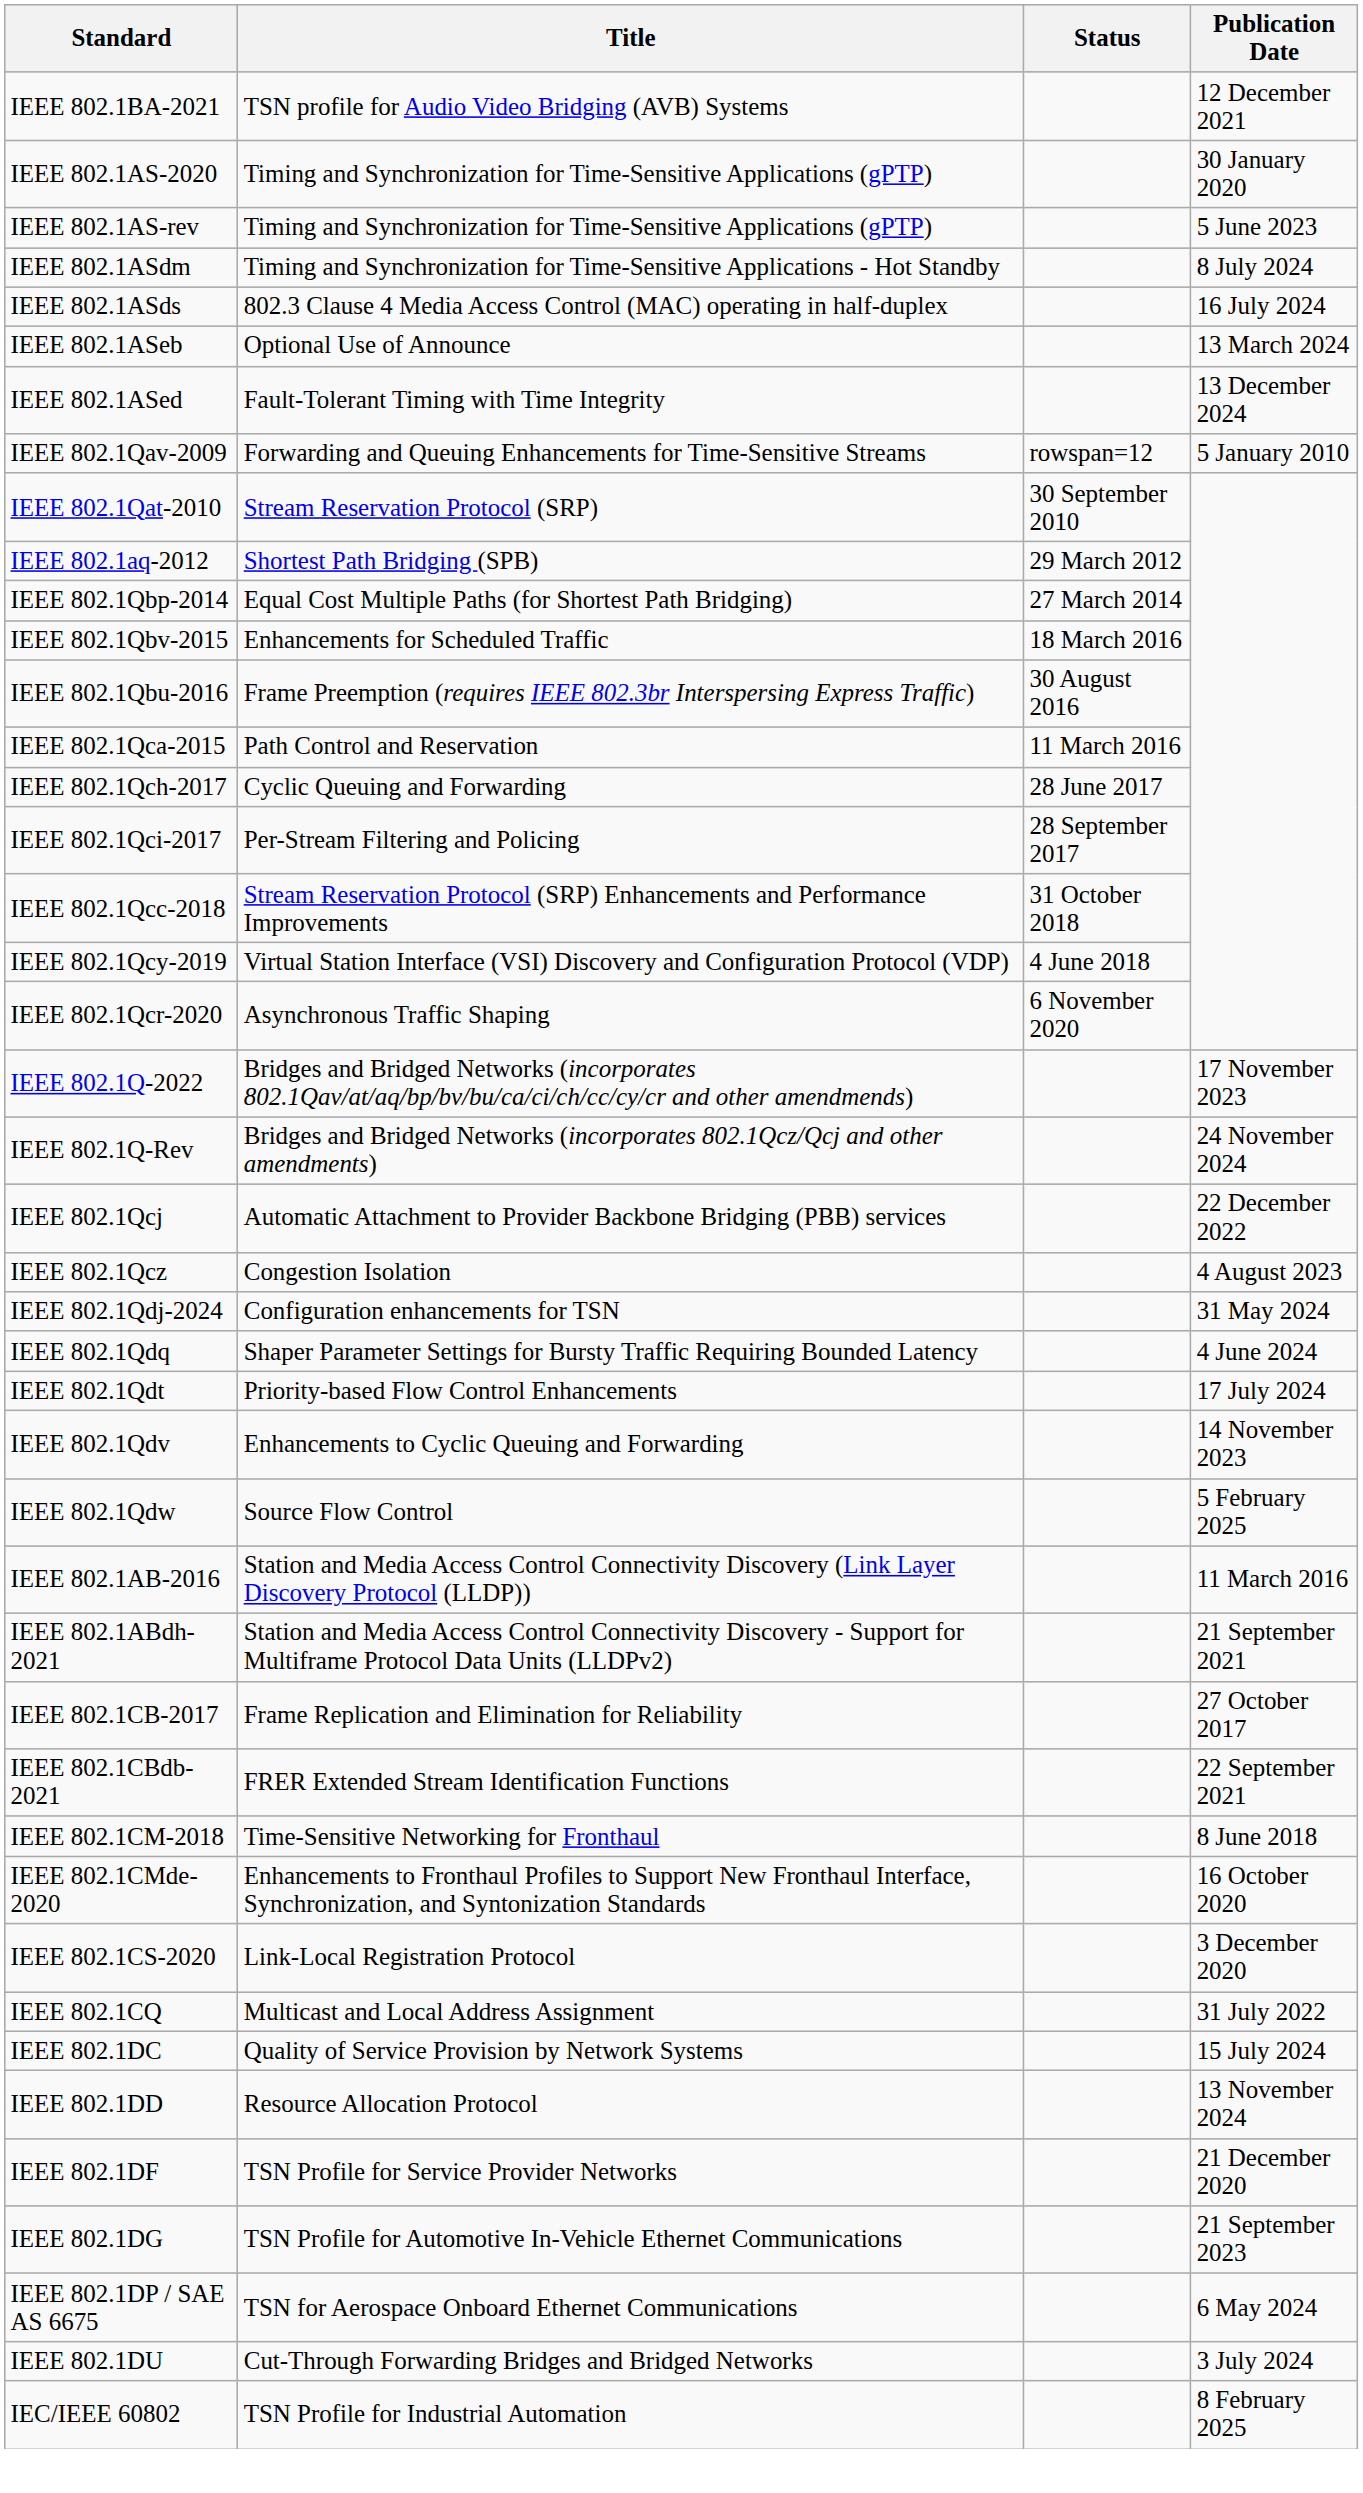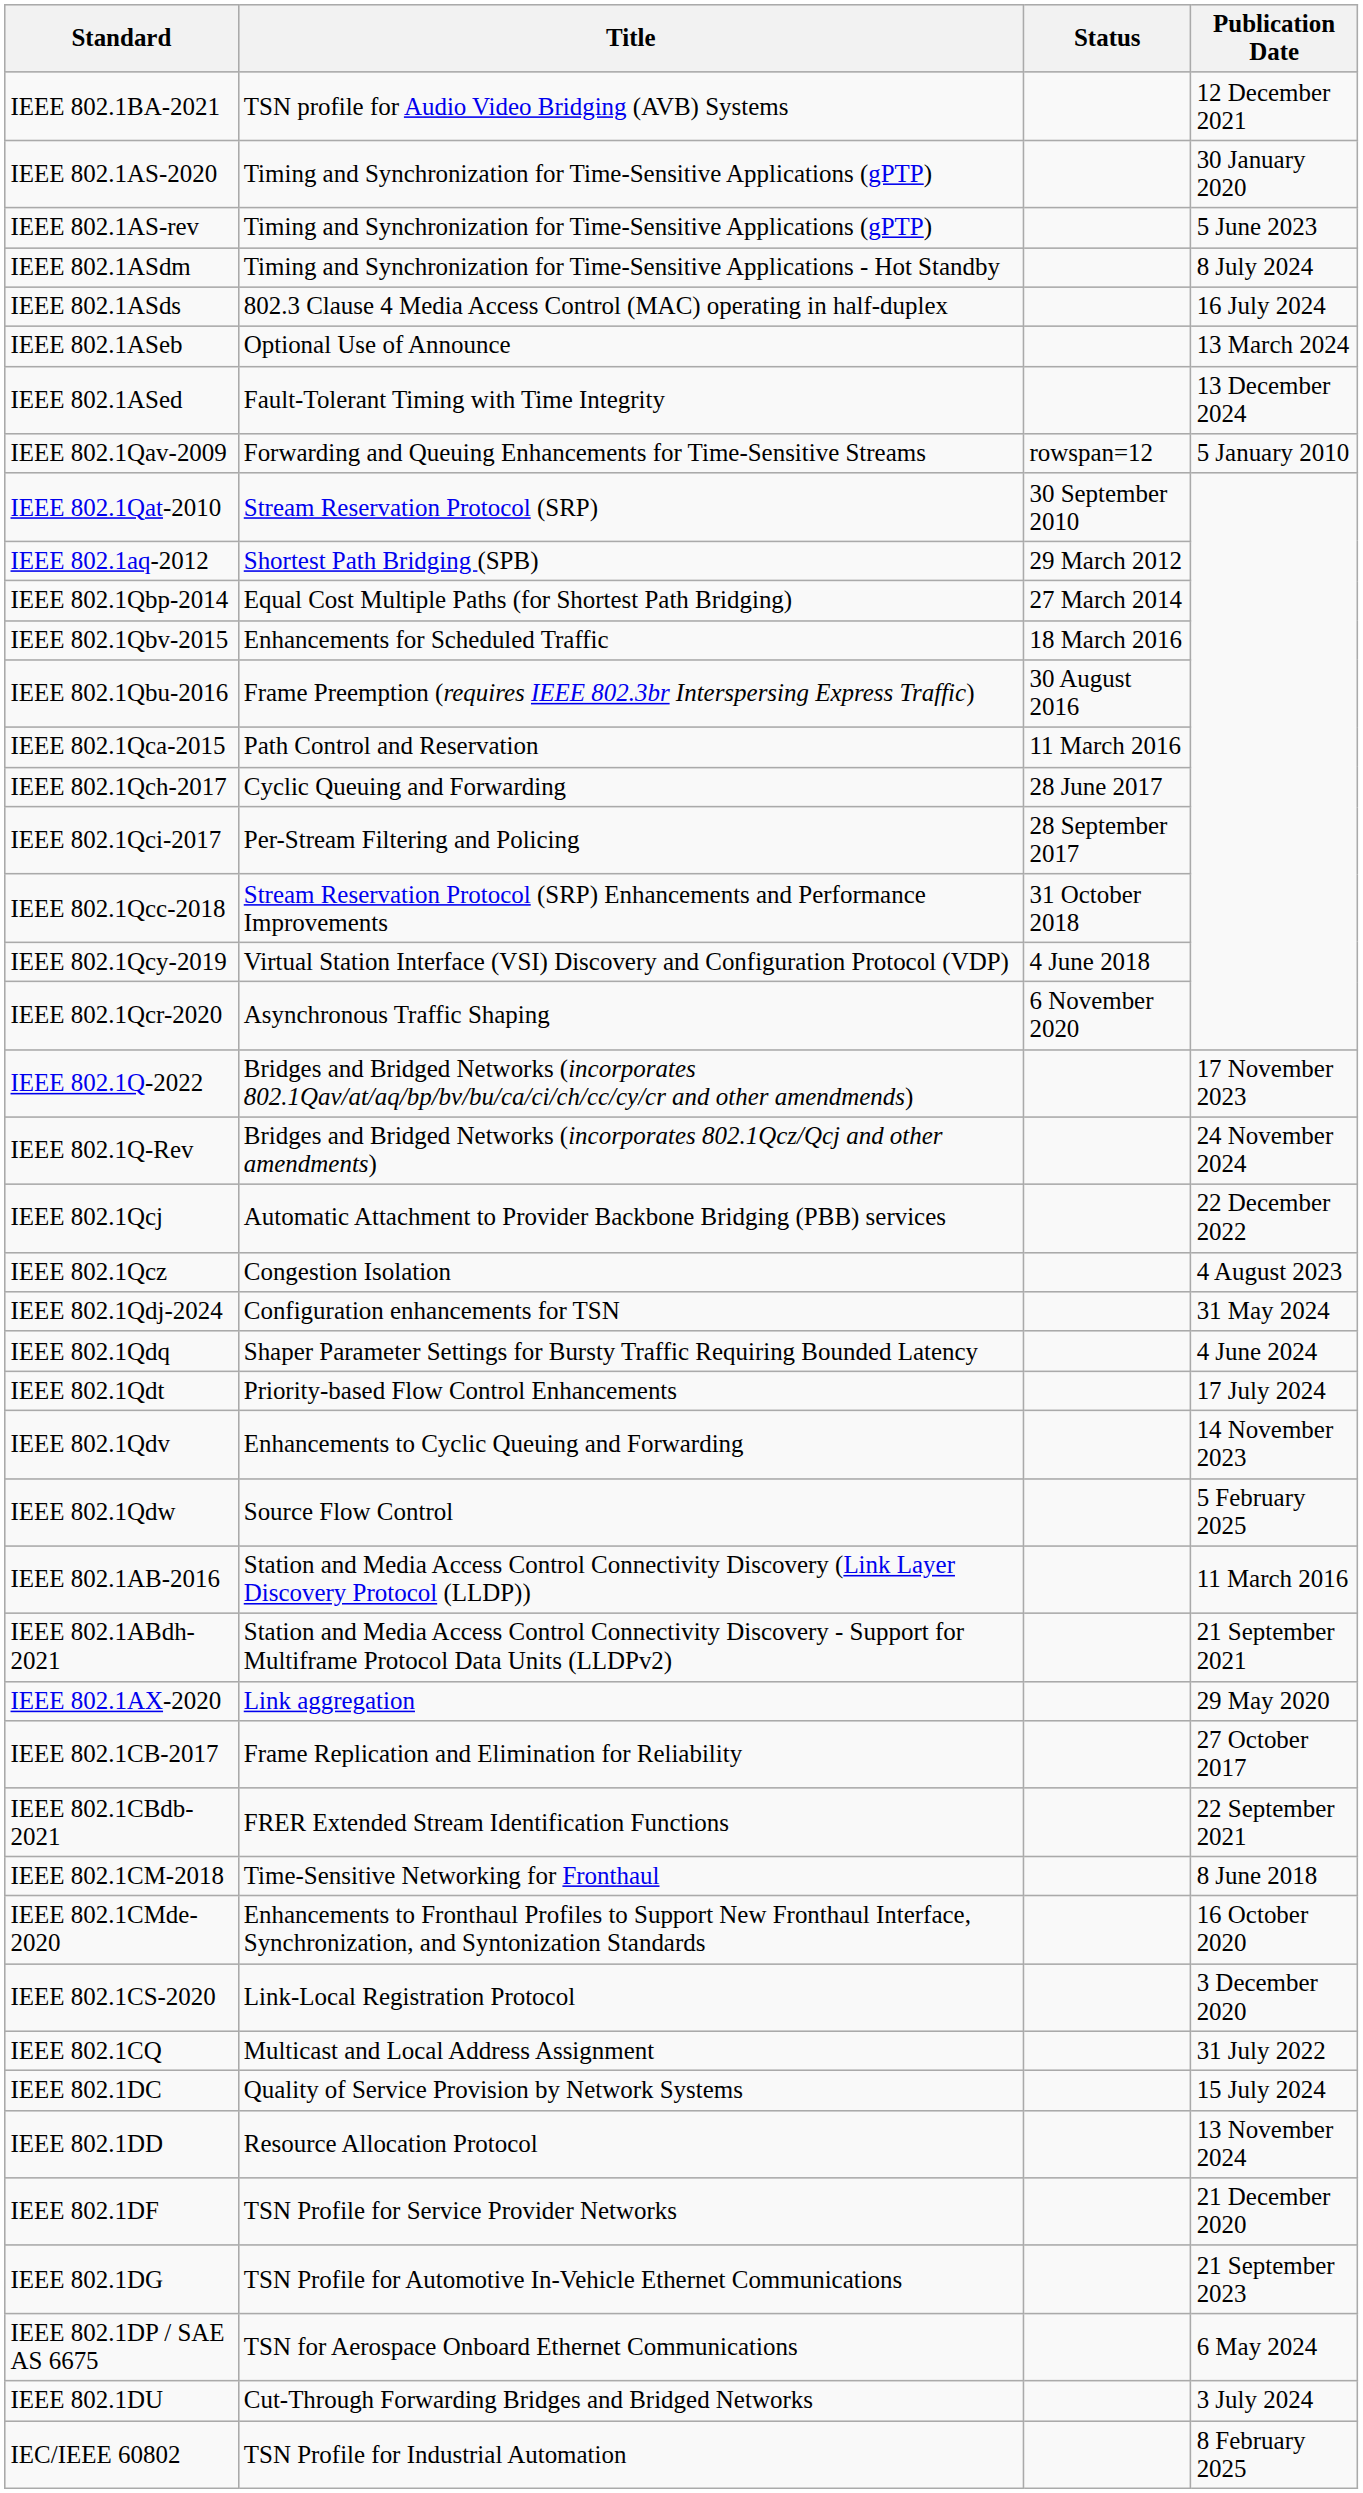 <table class="wikitable">
 <tr>
 <th>Standard</th>
 <th>Title</th>
 <th>Status</th>
 <th>Publication Date</th>
 </tr>
 <tr>
 <td>IEEE 802.1BA-2021</td>
 <td>TSN profile for <a href='#'>Audio Video Bridging</a> (AVB) Systems</td>
 <td></td>
 <td>12 December 2021</td>
 </tr>
 <tr>
 <td>IEEE 802.1AS-2020</td>
 <td>Timing and Synchronization for Time-Sensitive Applications (<a href='#'>gPTP</a>)</td>
 <td></td>
 <td>30 January 2020</td>
 </tr>
 <tr>
 <td>IEEE 802.1AS-rev</td>
 <td>Timing and Synchronization for Time-Sensitive Applications (<a href='#'>gPTP</a>)</td>
 <td></td>
 <td>5 June 2023</td>
 </tr>
 <tr>
 <td>IEEE 802.1ASdm</td>
 <td>Timing and Synchronization for Time-Sensitive Applications - Hot Standby</td>
 <td></td>
 <td>8 July 2024</td>
 </tr>
 <tr>
 <td>IEEE 802.1ASds</td>
 <td>802.3 Clause 4 Media Access Control (MAC) operating in half-duplex</td>
 <td></td>
 <td>16 July 2024</td>
 </tr>
 <tr>
 <td>IEEE 802.1ASeb</td>
 <td>Optional Use of Announce</td>
 <td></td>
 <td>13 March 2024</td>
 </tr>
 <tr>
 <td>IEEE 802.1ASed</td>
 <td>Fault-Tolerant Timing with Time Integrity</td>
 <td></td>
 <td>13 December 2024</td>
 </tr>
 <tr>
 <td>IEEE 802.1Qav-2009</td>
 <td>Forwarding and Queuing Enhancements for Time-Sensitive Streams</td>
 <td>rowspan=12 </td>
 <td>5 January 2010</td>
 </tr>
 <tr>
 <td><a href='#'>IEEE 802.1Qat</a>-2010</td>
 <td><a href='#'>Stream Reservation Protocol</a> (SRP)</td>
 <td>30 September 2010</td>
 </tr>
 <tr>
 <td><a href='#'>IEEE 802.1aq</a>-2012</td>
 <td><a href='#'>Shortest Path Bridging </a>(SPB)</td>
 <td>29 March 2012</td>
 </tr>
 <tr>
 <td>IEEE 802.1Qbp-2014</td>
 <td>Equal Cost Multiple Paths (for Shortest Path Bridging)</td>
 <td>27 March 2014</td>
 </tr>
 <tr>
 <td>IEEE 802.1Qbv-2015</td>
 <td>Enhancements for Scheduled Traffic</td>
 <td>18 March 2016</td>
 </tr>
 <tr>
 <td>IEEE 802.1Qbu-2016</td>
 <td>Frame Preemption (<em>requires <a href='#'>IEEE 802.3br</a> Interspersing Express Traffic</em>)</td>
 <td>30 August 2016</td>
 </tr>
 <tr>
 <td>IEEE 802.1Qca-2015</td>
 <td>Path Control and Reservation</td>
 <td>11 March 2016</td>
 </tr>
 <tr>
 <td>IEEE 802.1Qch-2017</td>
 <td>Cyclic Queuing and Forwarding</td>
 <td>28 June 2017</td>
 </tr>
 <tr>
 <td>IEEE 802.1Qci-2017</td>
 <td>Per-Stream Filtering and Policing</td>
 <td>28 September 2017</td>
 </tr>
 <tr>
 <td>IEEE 802.1Qcc-2018</td>
 <td><a href='#'>Stream Reservation Protocol</a> (SRP) Enhancements and Performance Improvements</td>
 <td>31 October  2018</td>
 </tr>
 <tr>
 <td>IEEE 802.1Qcy-2019</td>
 <td>Virtual Station Interface (VSI) Discovery and Configuration Protocol (VDP)</td>
 <td>4 June  2018</td>
 </tr>
 <tr>
 <td>IEEE 802.1Qcr-2020</td>
 <td>Asynchronous Traffic Shaping</td>
 <td>6 November 2020</td>
 </tr>
 <tr>
 <td><a href='#'>IEEE 802.1Q</a>-2022</td>
 <td>Bridges and Bridged Networks (<em>incorporates 802.1Qav/at/aq/bp/bv/bu/ca/ci/ch/cc/cy/cr and other amendmends</em>)</td>
 <td></td>
 <td>17 November 2023</td>
 </tr>
 <tr>
 <td>IEEE 802.1Q-Rev</td>
 <td>Bridges and Bridged Networks (<em>incorporates 802.1Qcz/Qcj and other amendments</em>)</td>
 <td></td>
 <td>24 November 2024</td>
 </tr>
 <tr>
 <td>IEEE 802.1Qcj</td>
 <td>Automatic Attachment to Provider Backbone Bridging (PBB) services</td>
 <td></td>
 <td>22 December 2022</td>
 </tr>
 <tr>
 <td>IEEE 802.1Qcz</td>
 <td>Congestion Isolation</td>
 <td></td>
 <td>4 August 2023</td>
 </tr>
 <tr>
 <td>IEEE 802.1Qdj-2024</td>
 <td>Configuration enhancements for TSN</td>
 <td></td>
 <td>31 May 2024</td>
 </tr>
 <tr>
 <td>IEEE 802.1Qdq</td>
 <td>Shaper Parameter Settings for Bursty Traffic Requiring Bounded Latency</td>
 <td></td>
 <td>4 June 2024</td>
 </tr>
 <tr>
 <td>IEEE 802.1Qdt</td>
 <td>Priority-based Flow Control Enhancements</td>
 <td></td>
 <td>17 July 2024</td>
 </tr>
 <tr>
 <td>IEEE 802.1Qdv</td>
 <td>Enhancements to Cyclic Queuing and Forwarding</td>
 <td></td>
 <td>14 November 2023</td>
 </tr>
 <tr>
 <td>IEEE 802.1Qdw</td>
 <td>Source Flow Control</td>
 <td></td>
 <td>5 February 2025</td>
 </tr>
 <tr>
 <td>IEEE 802.1AB-2016</td>
 <td>Station and Media Access Control Connectivity Discovery (<a href='#'>Link Layer Discovery Protocol</a> (LLDP))</td>
 <td></td>
 <td>11 March 2016</td>
 </tr>
 <tr>
 <td>IEEE 802.1ABdh-2021</td>
 <td>Station and Media Access Control Connectivity Discovery - Support for Multiframe Protocol Data Units (LLDPv2)</td>
 <td></td>
 <td>21 September 2021</td>
 </tr>
 <tr>
+<td><a href='#'>IEEE 802.1AX</a>-2020</td>
+<td><a href='#'>Link aggregation</a></td>
+<td></td>
+<td>29 May 2020</td>
+</tr>
+<tr>
 <td>IEEE 802.1CB-2017</td>
 <td>Frame Replication and Elimination for Reliability</td>
 <td></td>
 <td>27 October 2017</td>
 </tr>
 <tr>
 <td>IEEE 802.1CBdb-2021</td>
 <td>FRER Extended Stream Identification Functions</td>
 <td></td>
 <td>22 September 2021</td>
 </tr>
 <tr>
 <td>IEEE 802.1CM-2018</td>
 <td>Time-Sensitive Networking for <a href='#'>Fronthaul</a></td>
 <td></td>
 <td>8 June 2018</td>
 </tr>
 <tr>
 <td>IEEE 802.1CMde-2020</td>
 <td>Enhancements to Fronthaul Profiles to Support New Fronthaul Interface, Synchronization, and Syntonization Standards</td>
 <td></td>
 <td>16 October 2020</td>
 </tr>
 <tr>
 <td>IEEE 802.1CS-2020</td>
 <td>Link-Local Registration Protocol</td>
 <td></td>
 <td>3 December 2020</td>
 </tr>
 <tr>
 <td>IEEE 802.1CQ</td>
 <td>Multicast and Local Address Assignment</td>
 <td></td>
 <td>31 July 2022</td>
 </tr>
 <tr>
 <td>IEEE 802.1DC</td>
 <td>Quality of Service Provision by Network Systems</td>
 <td></td>
 <td>15 July 2024</td>
 </tr>
 <tr>
 <td>IEEE 802.1DD</td>
 <td>Resource Allocation Protocol</td>
 <td></td>
 <td>13 November 2024</td>
 </tr>
 <tr>
 <td>IEEE 802.1DF</td>
 <td>TSN Profile for Service Provider Networks</td>
 <td></td>
 <td>21 December 2020</td>
 </tr>
 <tr>
 <td>IEEE 802.1DG</td>
 <td>TSN Profile for Automotive In-Vehicle Ethernet Communications</td>
 <td></td>
 <td>21 September 2023</td>
 </tr>
 <tr>
 <td>IEEE 802.1DP / SAE AS 6675</td>
 <td>TSN for Aerospace Onboard Ethernet Communications</td>
 <td></td>
 <td>6 May 2024</td>
 </tr>
 <tr>
 <td>IEEE 802.1DU</td>
 <td>Cut-Through Forwarding Bridges and Bridged Networks</td>
 <td></td>
 <td>3 July 2024</td>
 </tr>
 <tr>
 <td>IEC/IEEE 60802</td>
 <td>TSN Profile for Industrial Automation</td>
 <td></td>
 <td>8 February 2025</td>
 </tr>
 </table>
